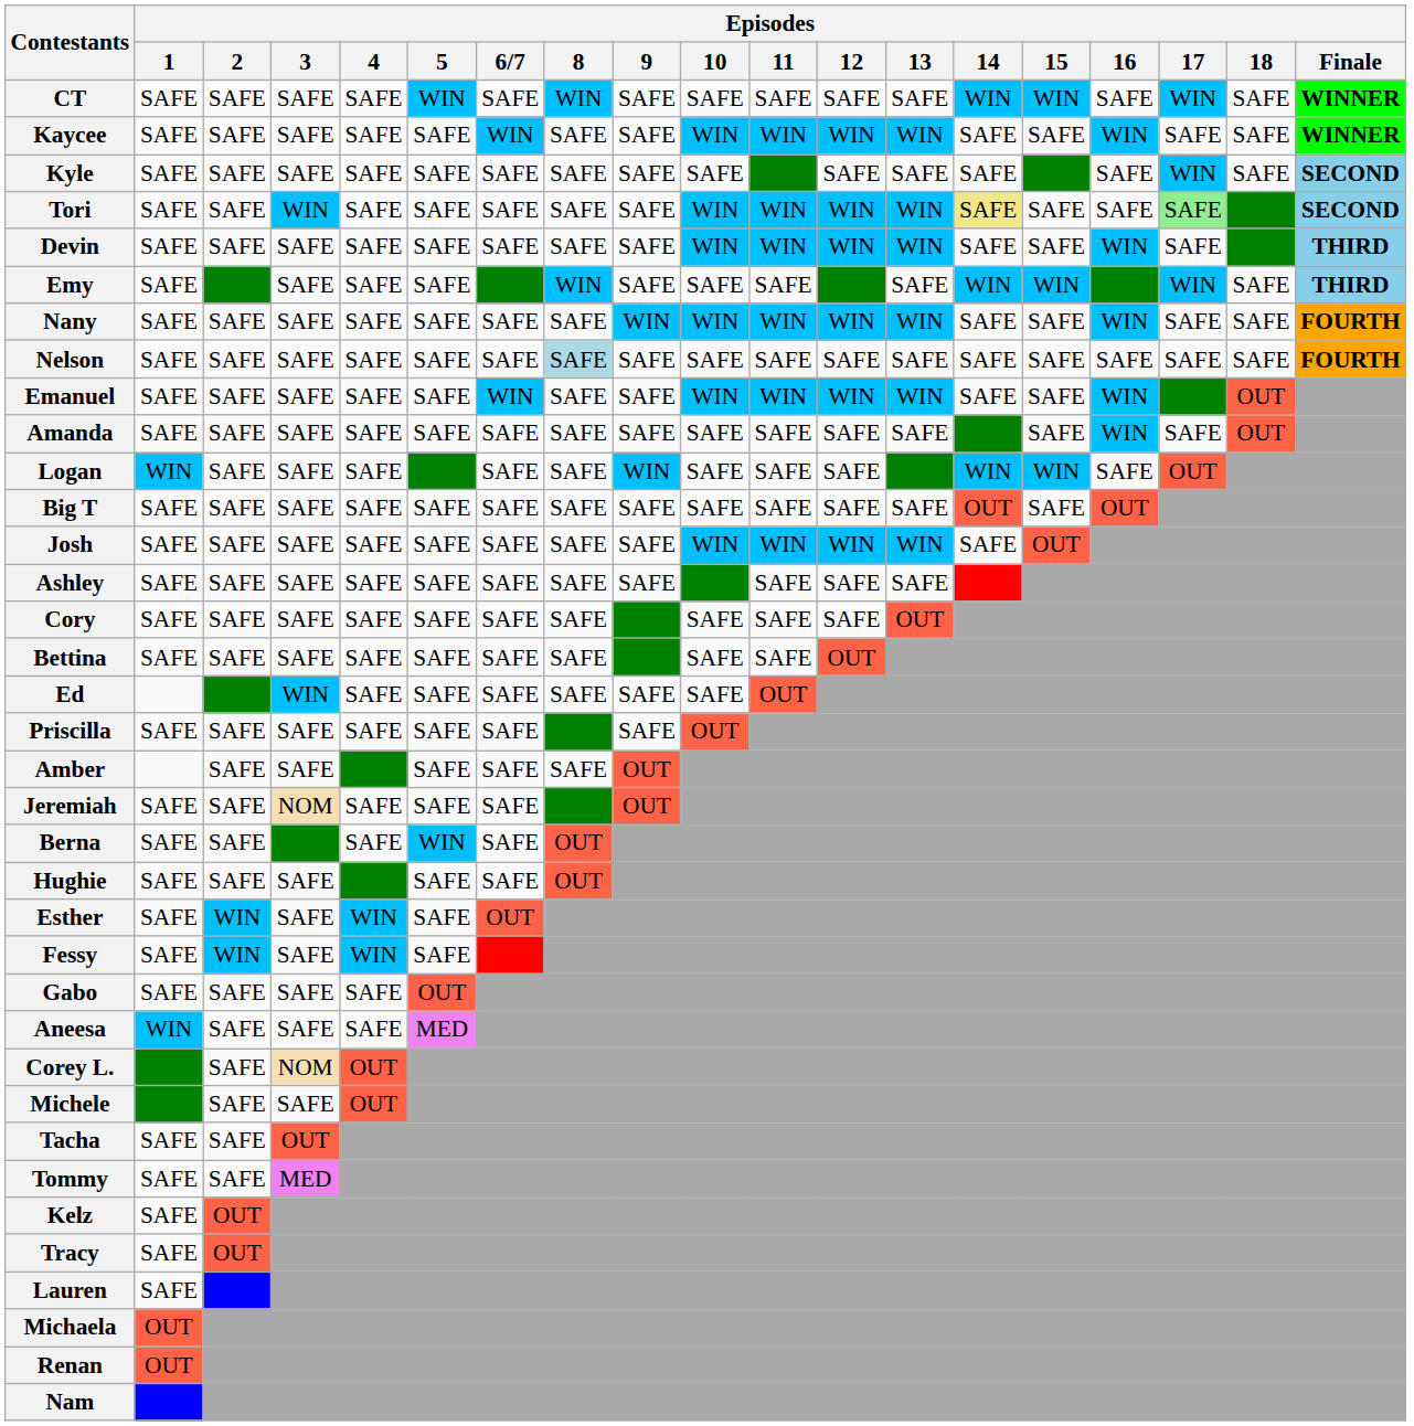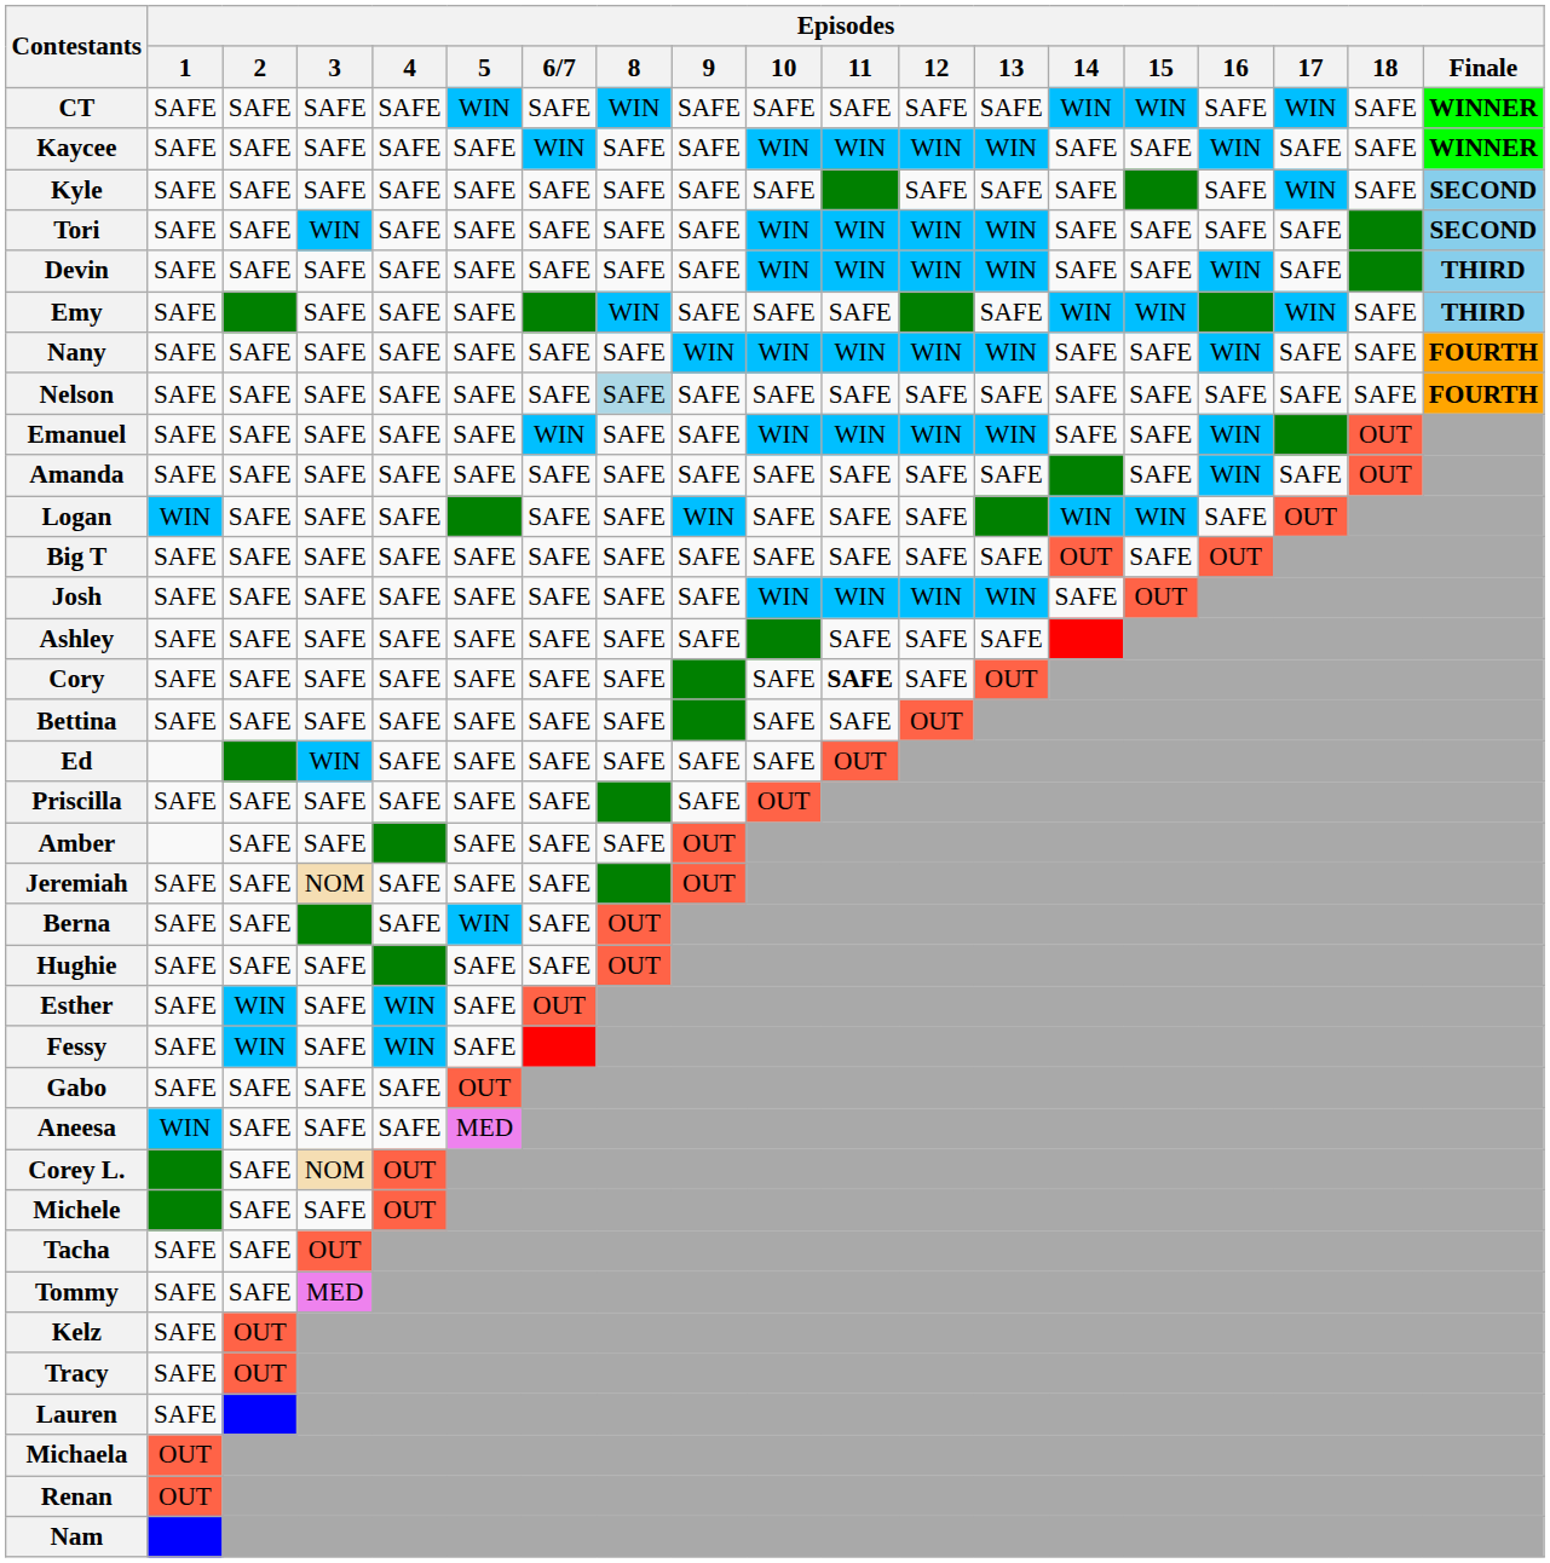 <table class="wikitable" style="text-align:center">
 <tr>
 <th rowspan=2>Contestants</th>
 <th colspan="18">Episodes</th>
 </tr>
 <tr>
 <th>1</th>
 <th>2</th>
 <th>3</th>
 <th>4</th>
 <th>5</th>
 <th>6/7</th>
 <th>8</th>
 <th>9</th>
 <th>10</th>
 <th>11</th>
 <th>12</th>
 <th>13</th>
 <th>14</th>
 <th>15</th>
 <th>16</th>
 <th>17</th>
 <th>18</th>
 <th>Finale</th>
 </tr>
 <tr>
 <th>CT</th>
 <td>SAFE</td>
 <td>SAFE</td>
 <td>SAFE</td>
 <td>SAFE</td>
 <td bgcolor="deepskyblue">WIN</td>
 <td>SAFE</td>
 <td bgcolor="deepskyblue">WIN</td>
 <td>SAFE</td>
 <td>SAFE</td>
 <td>SAFE</td>
 <td>SAFE</td>
 <td>SAFE</td>
 <td bgcolor="deepskyblue">WIN</td>
 <td bgcolor="deepskyblue">WIN</td>
 <td>SAFE</td>
 <td bgcolor="deepskyblue">WIN</td>
 <td>SAFE</td>
 <td bgcolor="lime"><strong>WINNER</strong></td>
 </tr>
 <tr>
 <th>Kaycee</th>
 <td>SAFE</td>
 <td>SAFE</td>
 <td>SAFE</td>
 <td>SAFE</td>
 <td>SAFE</td>
 <td bgcolor="deepskyblue">WIN</td>
 <td>SAFE</td>
 <td>SAFE</td>
 <td bgcolor="deepskyblue">WIN</td>
 <td bgcolor="deepskyblue">WIN</td>
 <td bgcolor="deepskyblue">WIN</td>
 <td bgcolor="deepskyblue">WIN</td>
 <td>SAFE</td>
 <td>SAFE</td>
 <td bgcolor="deepskyblue">WIN</td>
 <td>SAFE</td>
 <td>SAFE</td>
 <td bgcolor="lime"><strong>WINNER</strong></td>
 </tr>
 <tr>
 <th>Kyle</th>
 <td>SAFE</td>
 <td>SAFE</td>
 <td>SAFE</td>
 <td>SAFE</td>
 <td>SAFE</td>
 <td>SAFE</td>
 <td>SAFE</td>
 <td>SAFE</td>
 <td>SAFE</td>
 <td bgcolor="green"></td>
 <td>SAFE</td>
 <td>SAFE</td>
 <td>SAFE</td>
 <td bgcolor="green"></td>
 <td>SAFE</td>
 <td bgcolor="deepskyblue">WIN</td>
 <td>SAFE</td>
 <td bgcolor="skyblue"><strong>SECOND</strong></td>
 </tr>
 <tr>
 <th>Tori</th>
 <td>SAFE</td>
 <td>SAFE</td>
 <td bgcolor="deepskyblue">WIN</td>
 <td>SAFE</td>
 <td>SAFE</td>
 <td>SAFE</td>
 <td>SAFE</td>
 <td>SAFE</td>
 <td bgcolor="deepskyblue">WIN</td>
 <td bgcolor="deepskyblue">WIN</td>
 <td bgcolor="deepskyblue">WIN</td>
 <td bgcolor="deepskyblue">WIN</td>
-<td style="background: khaki;">SAFE</td>
 <td>SAFE</td>
 <td>SAFE</td>
-<td style="background: lightgreen;">SAFE</td>
+<td>SAFE</td>
+<td>SAFE</td>
 <td bgcolor="green"></td>
 <td bgcolor="skyblue"><strong>SECOND</strong></td>
 </tr>
 <tr>
 <th>Devin</th>
 <td>SAFE</td>
 <td>SAFE</td>
 <td>SAFE</td>
 <td>SAFE</td>
 <td>SAFE</td>
 <td>SAFE</td>
 <td>SAFE</td>
 <td>SAFE</td>
 <td bgcolor="deepskyblue">WIN</td>
 <td bgcolor="deepskyblue">WIN</td>
 <td bgcolor="deepskyblue">WIN</td>
 <td bgcolor="deepskyblue">WIN</td>
 <td>SAFE</td>
 <td>SAFE</td>
 <td bgcolor="deepskyblue">WIN</td>
 <td>SAFE</td>
 <td bgcolor="green"></td>
 <td bgcolor="skyblue"><strong>THIRD</strong></td>
 </tr>
 <tr>
 <th>Emy</th>
 <td>SAFE</td>
 <td bgcolor="green"></td>
 <td>SAFE</td>
 <td>SAFE</td>
 <td>SAFE</td>
 <td bgcolor="green"></td>
 <td bgcolor="deepskyblue">WIN</td>
 <td>SAFE</td>
 <td>SAFE</td>
 <td>SAFE</td>
 <td bgcolor="green"></td>
 <td>SAFE</td>
 <td bgcolor="deepskyblue">WIN</td>
 <td bgcolor="deepskyblue">WIN</td>
 <td bgcolor="green"></td>
 <td bgcolor="deepskyblue">WIN</td>
 <td>SAFE</td>
 <td bgcolor="skyblue"><strong>THIRD</strong></td>
 </tr>
 <tr>
 <th>Nany</th>
 <td>SAFE</td>
 <td>SAFE</td>
 <td>SAFE</td>
 <td>SAFE</td>
 <td>SAFE</td>
 <td>SAFE</td>
 <td>SAFE</td>
 <td bgcolor="deepskyblue">WIN</td>
 <td bgcolor="deepskyblue">WIN</td>
 <td bgcolor="deepskyblue">WIN</td>
 <td bgcolor="deepskyblue">WIN</td>
 <td bgcolor="deepskyblue">WIN</td>
 <td>SAFE</td>
 <td>SAFE</td>
 <td bgcolor="deepskyblue">WIN</td>
 <td>SAFE</td>
 <td>SAFE</td>
 <td bgcolor="orange"><strong>FOURTH</strong></td>
 </tr>
 <tr>
 <th>Nelson</th>
 <td>SAFE</td>
 <td>SAFE</td>
 <td>SAFE</td>
 <td>SAFE</td>
 <td>SAFE</td>
 <td>SAFE</td>
 <td style="background: lightblue;">SAFE</td>
 <td>SAFE</td>
 <td>SAFE</td>
 <td>SAFE</td>
 <td>SAFE</td>
 <td>SAFE</td>
 <td>SAFE</td>
 <td>SAFE</td>
 <td>SAFE</td>
 <td>SAFE</td>
 <td>SAFE</td>
 <td bgcolor="orange"><strong>FOURTH</strong></td>
 </tr>
 <tr>
 <th>Emanuel</th>
 <td>SAFE</td>
 <td>SAFE</td>
 <td>SAFE</td>
 <td>SAFE</td>
 <td>SAFE</td>
 <td bgcolor="deepskyblue">WIN</td>
 <td>SAFE</td>
 <td>SAFE</td>
 <td bgcolor="deepskyblue">WIN</td>
 <td bgcolor="deepskyblue">WIN</td>
 <td bgcolor="deepskyblue">WIN</td>
 <td bgcolor="deepskyblue">WIN</td>
 <td>SAFE</td>
 <td>SAFE</td>
 <td bgcolor="deepskyblue">WIN</td>
 <td bgcolor="green"></td>
 <td bgcolor="tomato">OUT</td>
 <td colspan="1" bgcolor="darkgrey"></td>
 </tr>
 <tr>
 <th>Amanda</th>
 <td>SAFE</td>
 <td>SAFE</td>
 <td>SAFE</td>
 <td>SAFE</td>
 <td>SAFE</td>
 <td>SAFE</td>
 <td>SAFE</td>
 <td>SAFE</td>
 <td>SAFE</td>
 <td>SAFE</td>
 <td>SAFE</td>
 <td>SAFE</td>
 <td bgcolor="green"></td>
 <td>SAFE</td>
 <td bgcolor="deepskyblue">WIN</td>
 <td>SAFE</td>
 <td bgcolor="tomato">OUT</td>
 <td colspan="1" bgcolor="darkgrey"></td>
 </tr>
 <tr>
 <th>Logan</th>
 <td bgcolor="deepskyblue">WIN</td>
 <td>SAFE</td>
 <td>SAFE</td>
 <td>SAFE</td>
 <td bgcolor="green"></td>
 <td>SAFE</td>
 <td>SAFE</td>
 <td bgcolor="deepskyblue">WIN</td>
 <td>SAFE</td>
 <td>SAFE</td>
 <td>SAFE</td>
 <td bgcolor="green"></td>
 <td bgcolor="deepskyblue">WIN</td>
 <td bgcolor="deepskyblue">WIN</td>
 <td>SAFE</td>
 <td bgcolor="tomato">OUT</td>
 <td colspan="2" bgcolor="darkgrey"></td>
 </tr>
 <tr>
 <th>Big T</th>
 <td>SAFE</td>
 <td>SAFE</td>
 <td>SAFE</td>
 <td>SAFE</td>
 <td>SAFE</td>
 <td>SAFE</td>
 <td>SAFE</td>
 <td>SAFE</td>
 <td>SAFE</td>
 <td>SAFE</td>
 <td>SAFE</td>
 <td>SAFE</td>
 <td bgcolor="tomato">OUT</td>
 <td>SAFE</td>
 <td bgcolor="tomato">OUT</td>
 <td colspan="3" bgcolor="darkgrey"></td>
 </tr>
 <tr>
 <th>Josh</th>
 <td>SAFE</td>
 <td>SAFE</td>
 <td>SAFE</td>
 <td>SAFE</td>
 <td>SAFE</td>
 <td>SAFE</td>
 <td>SAFE</td>
 <td>SAFE</td>
 <td bgcolor="deepskyblue">WIN</td>
 <td bgcolor="deepskyblue">WIN</td>
 <td bgcolor="deepskyblue">WIN</td>
 <td bgcolor="deepskyblue">WIN</td>
 <td>SAFE</td>
 <td bgcolor="tomato">OUT</td>
 <td colspan="4" bgcolor="darkgrey"></td>
 </tr>
 <tr>
 <th>Ashley</th>
 <td>SAFE</td>
 <td>SAFE</td>
 <td>SAFE</td>
 <td>SAFE</td>
 <td>SAFE</td>
 <td>SAFE</td>
 <td>SAFE</td>
 <td>SAFE</td>
 <td bgcolor="green"></td>
 <td>SAFE</td>
 <td>SAFE</td>
 <td>SAFE</td>
 <td bgcolor="red"></td>
 <td colspan="5" bgcolor="darkgrey"></td>
 </tr>
 <tr>
 <th>Cory</th>
 <td>SAFE</td>
 <td>SAFE</td>
 <td>SAFE</td>
 <td>SAFE</td>
 <td>SAFE</td>
 <td>SAFE</td>
 <td>SAFE</td>
 <td bgcolor="green"></td>
 <td>SAFE</td>
-<td>SAFE</td>
+<td><strong>SAFE</strong></td>
 <td>SAFE</td>
 <td bgcolor="tomato">OUT</td>
 <td colspan="6" bgcolor="darkgrey"></td>
 </tr>
 <tr>
 <th>Bettina</th>
 <td>SAFE</td>
 <td>SAFE</td>
 <td>SAFE</td>
 <td>SAFE</td>
 <td>SAFE</td>
 <td>SAFE</td>
 <td>SAFE</td>
 <td bgcolor="green"></td>
 <td>SAFE</td>
 <td>SAFE</td>
 <td bgcolor="tomato">OUT</td>
 <td colspan="7" bgcolor="darkgrey"></td>
 </tr>
 <tr>
 <th>Ed</th>
 <td></td>
 <td bgcolor="green"></td>
 <td bgcolor="deepskyblue">WIN</td>
 <td>SAFE</td>
 <td>SAFE</td>
 <td>SAFE</td>
 <td>SAFE</td>
 <td>SAFE</td>
 <td>SAFE</td>
 <td bgcolor="tomato">OUT</td>
 <td colspan="8" bgcolor="darkgrey"></td>
 </tr>
 <tr>
 <th>Priscilla</th>
 <td>SAFE</td>
 <td>SAFE</td>
 <td>SAFE</td>
 <td>SAFE</td>
 <td>SAFE</td>
 <td>SAFE</td>
 <td bgcolor="green"></td>
 <td>SAFE</td>
 <td bgcolor="tomato">OUT</td>
 <td colspan="9" bgcolor="darkgray"></td>
 </tr>
 <tr>
 <th>Amber</th>
 <td></td>
 <td>SAFE</td>
 <td>SAFE</td>
 <td bgcolor="green"></td>
 <td>SAFE</td>
 <td>SAFE</td>
 <td>SAFE</td>
 <td bgcolor="tomato">OUT</td>
 <td colspan="10" bgcolor="darkgray"></td>
 </tr>
 <tr>
 <th>Jeremiah</th>
 <td>SAFE</td>
 <td>SAFE</td>
 <td bgcolor="wheat">NOM</td>
 <td>SAFE</td>
 <td>SAFE</td>
 <td>SAFE</td>
 <td bgcolor="green"></td>
 <td bgcolor="tomato">OUT</td>
 <td colspan="10" bgcolor="darkgray"></td>
 </tr>
 <tr>
 <th>Berna</th>
 <td>SAFE</td>
 <td>SAFE</td>
 <td bgcolor="green"></td>
 <td>SAFE</td>
 <td bgcolor="deepskyblue">WIN</td>
 <td>SAFE</td>
 <td bgcolor="tomato">OUT</td>
 <td colspan="11" bgcolor="darkgray"></td>
 </tr>
 <tr>
 <th>Hughie</th>
 <td>SAFE</td>
 <td>SAFE</td>
 <td>SAFE</td>
 <td bgcolor="green"></td>
 <td>SAFE</td>
 <td>SAFE</td>
 <td bgcolor="tomato">OUT</td>
 <td colspan="11" bgcolor="darkgray"></td>
 </tr>
 <tr>
 <th>Esther</th>
 <td>SAFE</td>
 <td bgcolor="deepskyblue">WIN</td>
 <td>SAFE</td>
 <td bgcolor="deepskyblue">WIN</td>
 <td>SAFE</td>
 <td bgcolor="tomato">OUT</td>
 <td colspan="12" bgcolor="darkgray"></td>
 </tr>
 <tr>
 <th>Fessy</th>
 <td>SAFE</td>
 <td bgcolor="deepskyblue">WIN</td>
 <td>SAFE</td>
 <td bgcolor="deepskyblue">WIN</td>
 <td>SAFE</td>
 <td bgcolor="red"></td>
 <td colspan="12" bgcolor="darkgray"></td>
 </tr>
 <tr>
 <th>Gabo</th>
 <td>SAFE</td>
 <td>SAFE</td>
 <td>SAFE</td>
 <td>SAFE</td>
 <td bgcolor="tomato">OUT</td>
 <td colspan="13" bgcolor="darkgray"></td>
 </tr>
 <tr>
 <th>Aneesa</th>
 <td bgcolor="deepskyblue">WIN</td>
 <td>SAFE</td>
 <td>SAFE</td>
 <td>SAFE</td>
 <td bgcolor="violet">MED</td>
 <td colspan="13" bgcolor="darkgray"></td>
 </tr>
 <tr>
 <th>Corey L.</th>
 <td bgcolor="green"></td>
 <td>SAFE</td>
 <td bgcolor="wheat">NOM</td>
 <td bgcolor="tomato">OUT</td>
 <td colspan="14" bgcolor="darkgray"></td>
 </tr>
 <tr>
 <th>Michele</th>
 <td bgcolor="green"></td>
 <td>SAFE</td>
 <td>SAFE</td>
 <td bgcolor="tomato">OUT</td>
 <td colspan="14" bgcolor="darkgray"></td>
 </tr>
 <tr>
 <th>Tacha</th>
 <td>SAFE</td>
 <td>SAFE</td>
 <td bgcolor="tomato">OUT</td>
 <td colspan="15" bgcolor="darkgray"></td>
 </tr>
 <tr>
 <th>Tommy</th>
 <td>SAFE</td>
 <td>SAFE</td>
 <td bgcolor="violet">MED</td>
 <td colspan="15" bgcolor="darkgray"></td>
 </tr>
 <tr>
 <th>Kelz</th>
 <td>SAFE</td>
 <td bgcolor="tomato">OUT</td>
 <td colspan="16" bgcolor="darkgray"></td>
 </tr>
 <tr>
 <th>Tracy</th>
 <td>SAFE</td>
 <td bgcolor="tomato">OUT</td>
 <td colspan="16" bgcolor="darkgray"></td>
 </tr>
 <tr>
 <th>Lauren</th>
 <td>SAFE</td>
 <td bgcolor="blue"></td>
 <td colspan="17" bgcolor="darkgray"></td>
 </tr>
 <tr>
 <th>Michaela</th>
 <td bgcolor="tomato">OUT</td>
 <td colspan="18" bgcolor="darkgray"></td>
 </tr>
 <tr>
 <th>Renan</th>
 <td bgcolor="tomato">OUT</td>
 <td colspan="18" bgcolor="darkgray"></td>
 </tr>
 <tr>
 <th>Nam</th>
 <td bgcolor="blue"></td>
 <td colspan="18" bgcolor="darkgray"></td>
 </tr>
 </table>
